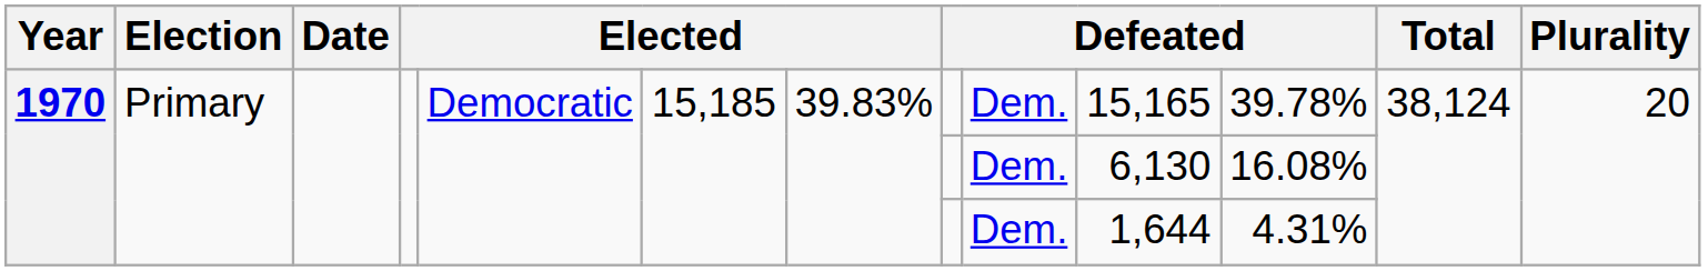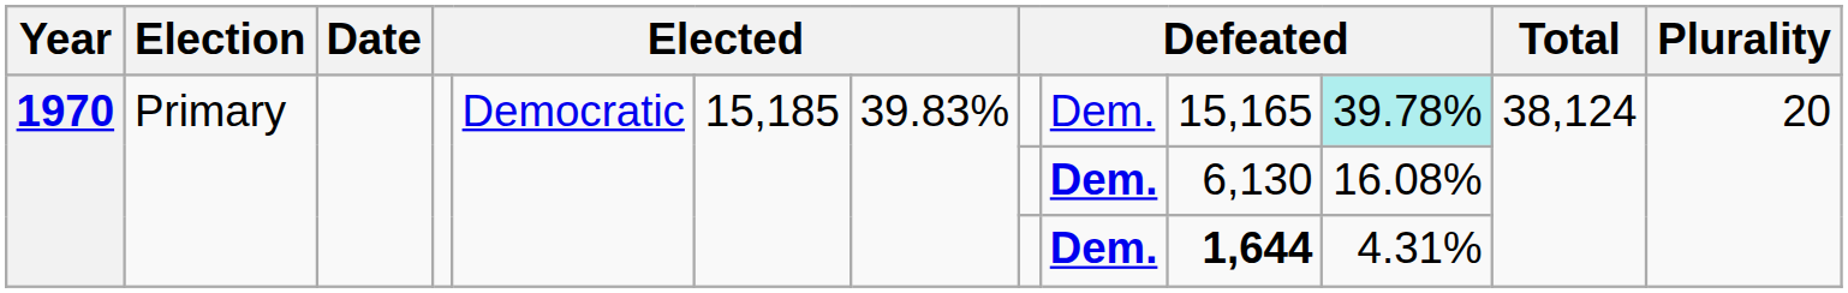 <table class="wikitable">
 <tr>
 <th>Year</th>
 <th>Election</th>
 <th>Date</th>
 <th colspan="4">Elected</th>
 <th colspan="4">Defeated</th>
 <th>Total</th>
 <th>Plurality</th>
 </tr>
 <tr>
 <th rowspan="3" valign="top"><a href='#'>1970</a></th>
 <td rowspan="3" valign="top">Primary</td>
 <td rowspan="3" valign="top"></td>
 <td rowspan="3" valign="top"></td>
 <td valign="top" rowspan="3" ><a href='#'>Democratic</a></td>
 <td rowspan="3" align="right" valign="top">15,185</td>
 <td rowspan="3" align="right" valign="top">39.83%</td>
 <td valign="top"></td>
 <td valign="top" ><a href='#'>Dem.</a></td>
 <td align="right" valign="top">15,165</td>
-<td align="right" valign="top">39.78%</td>
+<td align="right" valign="top" style="background: paleturquoise;">39.78%</td>
 <td rowspan="3" align="right" valign="top">38,124</td>
 <td rowspan="3" align="right" valign="top">20</td>
 </tr>
 <tr>
 <td valign="top"></td>
-<td valign="top" ><a href='#'>Dem.</a></td>
+<td valign="top" ><strong><a href='#'>Dem.</a></strong></td>
 <td align="right" valign="top">6,130</td>
 <td align="right" valign="top">16.08%</td>
 </tr>
 <tr>
 <td valign="top"></td>
-<td valign="top" ><a href='#'>Dem.</a></td>
-<td align="right" valign="top">1,644</td>
+<td valign="top" ><strong><a href='#'>Dem.</a></strong></td>
+<td align="right" valign="top"><strong>1,644</strong></td>
 <td align="right" valign="top">4.31%</td>
 </tr>
 </table>
